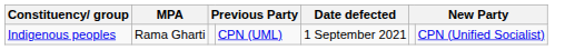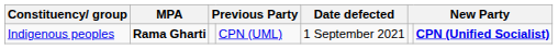 <table class="wikitable">
 <tr>
 <th>Constituency/ group</th>
 <th>MPA</th>
 <th colspan="2">Previous Party</th>
 <th>Date defected</th>
 <th colspan="2">New Party</th>
 </tr>
 <tr>
 <td><a href='#'>Indigenous peoples</a></td>
-<td>Rama Gharti</td>
+<td><strong>Rama Gharti</strong></td>
 <td></td>
 <td><a href='#'>CPN (UML)</a></td>
 <td>1 September 2021</td>
 <td></td>
-<td><a href='#'>CPN (Unified Socialist)</a></td>
+<td><strong><a href='#'>CPN (Unified Socialist)</a></strong></td>
 </tr>
 </table>
